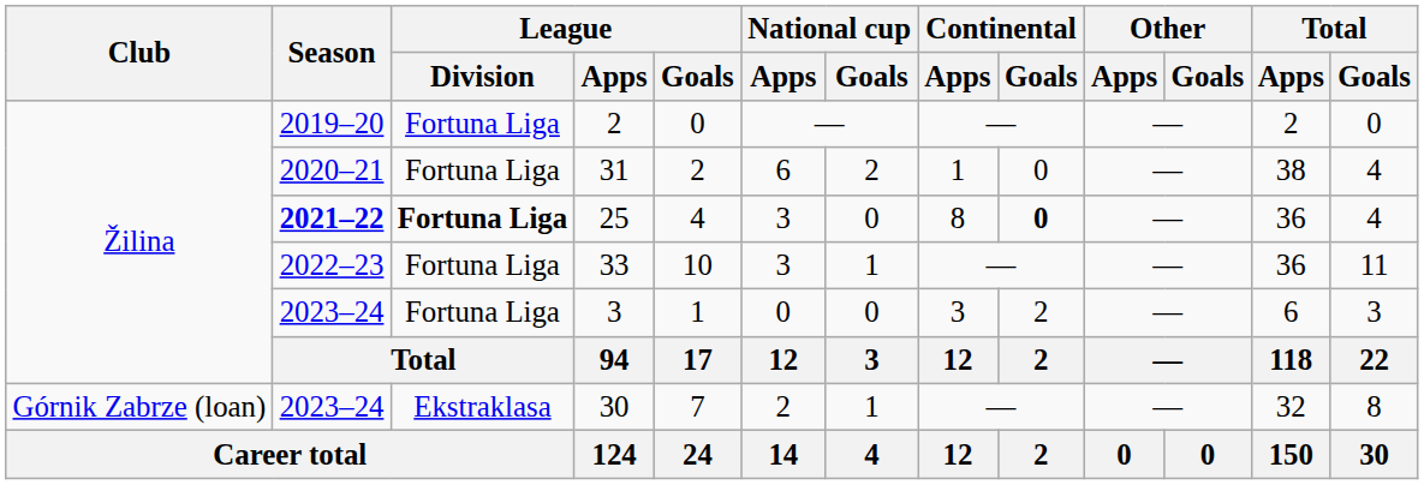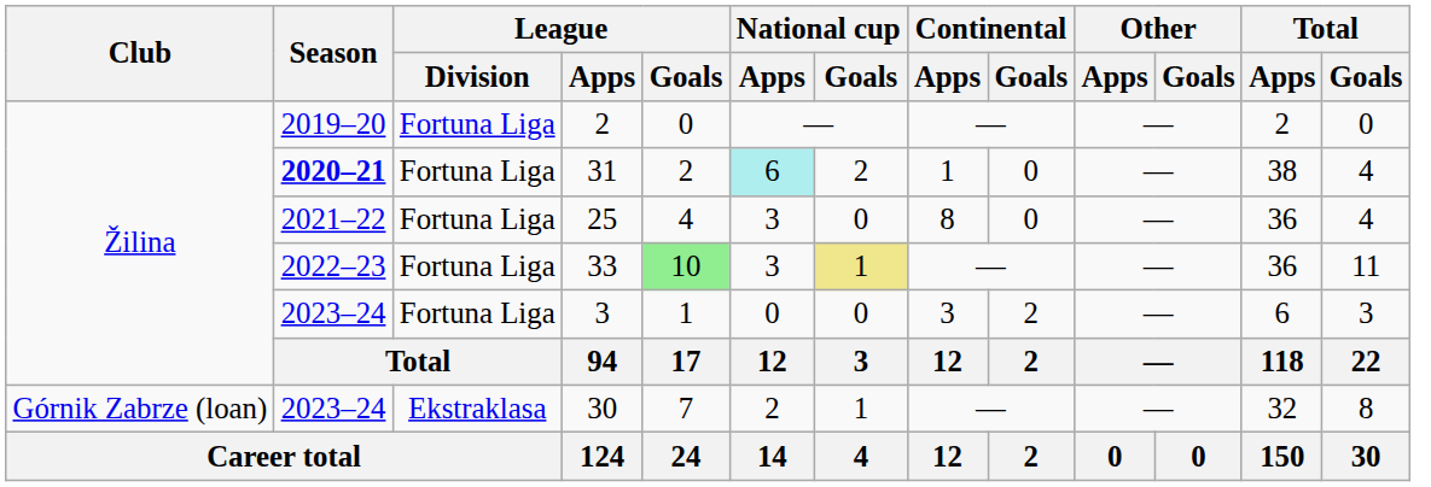 <table class="wikitable" style="text-align:center">
 <tr>
 <th rowspan="2">Club</th>
 <th rowspan="2">Season</th>
 <th colspan="3">League</th>
 <th colspan="2">National cup</th>
 <th colspan="2">Continental</th>
 <th colspan="2">Other</th>
 <th colspan="2">Total</th>
 </tr>
 <tr>
 <th>Division</th>
 <th>Apps</th>
 <th>Goals</th>
 <th>Apps</th>
 <th>Goals</th>
 <th>Apps</th>
 <th>Goals</th>
 <th>Apps</th>
 <th>Goals</th>
 <th>Apps</th>
 <th>Goals</th>
 </tr>
 <tr>
 <td rowspan="6"><a href='#'>Žilina</a></td>
 <td><a href='#'>2019–20</a></td>
 <td><a href='#'>Fortuna Liga</a></td>
 <td>2</td>
 <td>0</td>
 <td colspan="2">—</td>
 <td colspan="2">—</td>
 <td colspan="2">—</td>
 <td>2</td>
 <td>0</td>
 </tr>
 <tr>
-<td><a href='#'>2020–21</a></td>
+<td><strong><a href='#'>2020–21</a></strong></td>
 <td>Fortuna Liga</td>
 <td>31</td>
 <td>2</td>
-<td>6</td>
+<td style="background: paleturquoise;">6</td>
 <td>2</td>
 <td>1</td>
 <td>0</td>
 <td colspan="2">—</td>
 <td>38</td>
 <td>4</td>
 </tr>
 <tr>
-<td><strong><a href='#'>2021–22</a></strong></td>
-<td><strong>Fortuna Liga</strong></td>
+<td><a href='#'>2021–22</a></td>
+<td>Fortuna Liga</td>
 <td>25</td>
 <td>4</td>
 <td>3</td>
 <td>0</td>
 <td>8</td>
-<td><strong>0</strong></td>
+<td>0</td>
 <td colspan="2">—</td>
 <td>36</td>
 <td>4</td>
 </tr>
 <tr>
 <td><a href='#'>2022–23</a></td>
 <td>Fortuna Liga</td>
 <td>33</td>
-<td>10</td>
+<td style="background: lightgreen;">10</td>
 <td>3</td>
-<td>1</td>
+<td style="background: khaki;">1</td>
 <td colspan="2">—</td>
 <td colspan="2">—</td>
 <td>36</td>
 <td>11</td>
 </tr>
 <tr>
 <td><a href='#'>2023–24</a></td>
 <td>Fortuna Liga</td>
 <td>3</td>
 <td>1</td>
 <td>0</td>
 <td>0</td>
 <td>3</td>
 <td>2</td>
 <td colspan="2">—</td>
 <td>6</td>
 <td>3</td>
 </tr>
 <tr>
 <th colspan="2">Total</th>
 <th>94</th>
 <th>17</th>
 <th>12</th>
 <th>3</th>
 <th>12</th>
 <th>2</th>
 <th colspan="2">—</th>
 <th>118</th>
 <th>22</th>
 </tr>
 <tr>
 <td><a href='#'>Górnik Zabrze</a> (loan)</td>
 <td><a href='#'>2023–24</a></td>
 <td><a href='#'>Ekstraklasa</a></td>
 <td>30</td>
 <td>7</td>
 <td>2</td>
 <td>1</td>
 <td colspan="2">—</td>
 <td colspan="2">—</td>
 <td>32</td>
 <td>8</td>
 </tr>
 <tr>
 <th colspan="3">Career total</th>
 <th>124</th>
 <th>24</th>
 <th>14</th>
 <th>4</th>
 <th>12</th>
 <th>2</th>
 <th>0</th>
 <th>0</th>
 <th>150</th>
 <th>30</th>
 </tr>
 </table>
